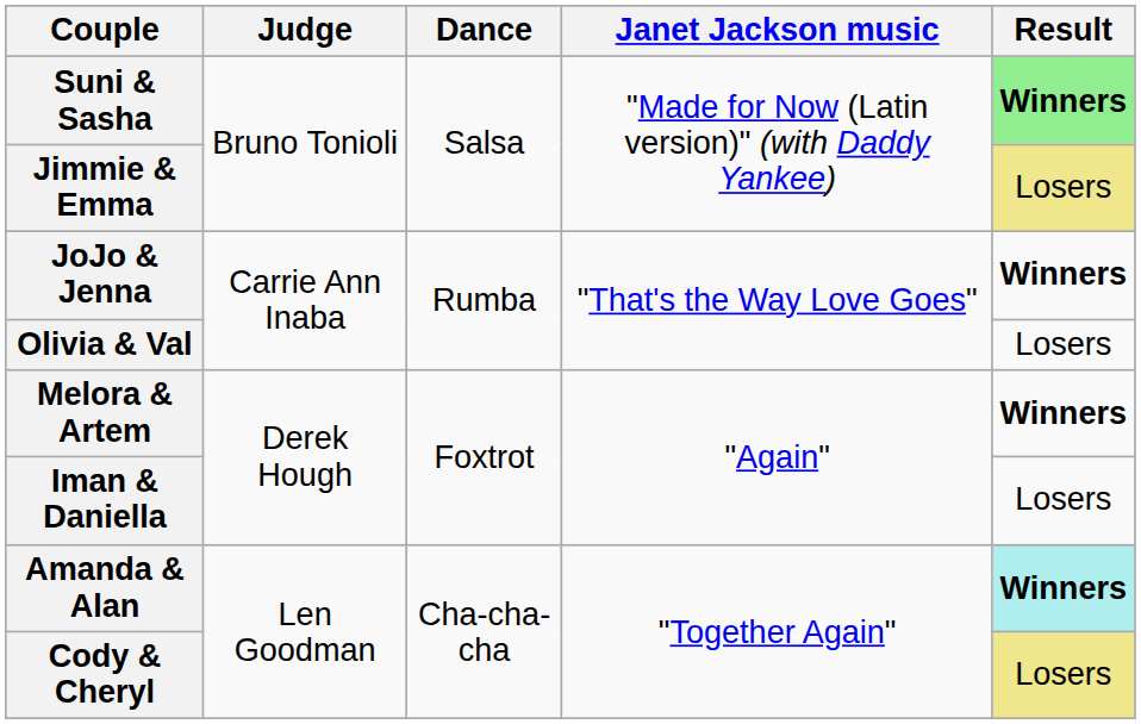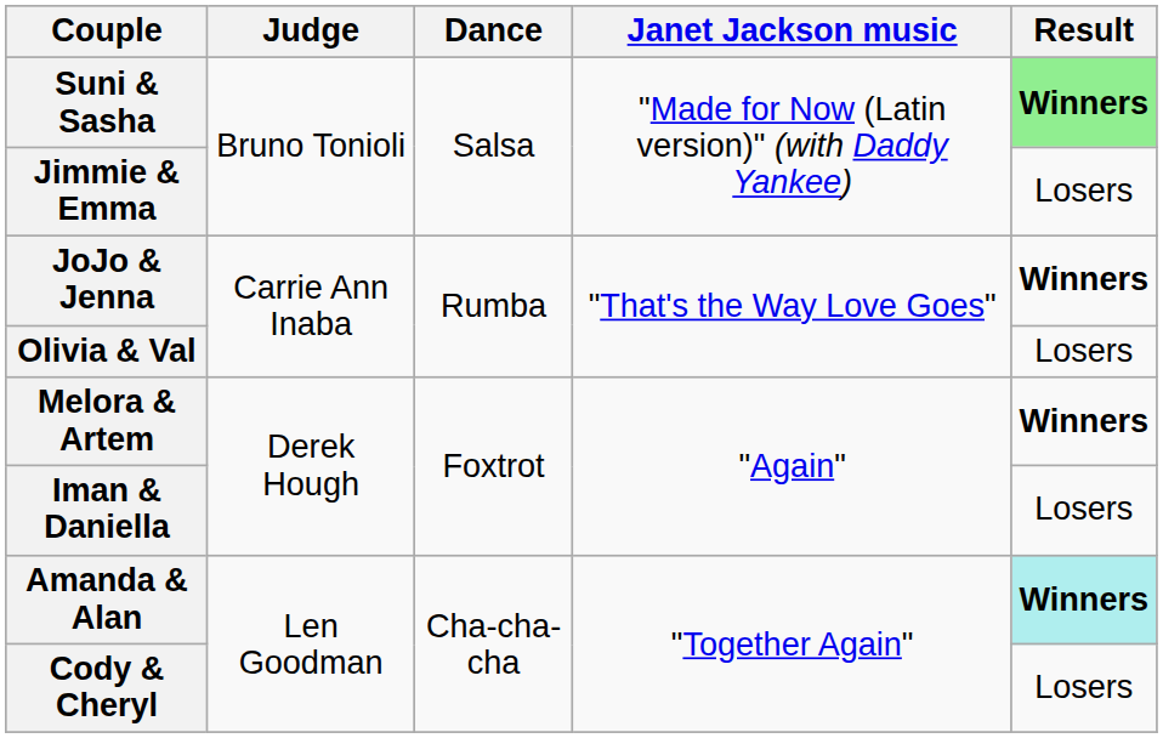 <table class="wikitable unsortable" style="text-align:center; width: 90%">
 <tr>
 <th scope="col">Couple</th>
 <th scope="col">Judge</th>
 <th scope="col">Dance</th>
 <th scope="col"><a href='#'>Janet Jackson music</a></th>
 <th scope="col">Result</th>
 </tr>
 <tr>
 <th scope="row">Suni & Sasha</th>
 <td rowspan="2">Bruno Tonioli</td>
 <td rowspan="2">Salsa</td>
 <td rowspan="2">"<a href='#'>Made for Now</a> (Latin version)" <em>(with <a href='#'>Daddy Yankee</a>)</em></td>
 <td style="background: lightgreen;"><strong>Winners</strong></td>
 </tr>
 <tr>
 <th scope="row">Jimmie & Emma</th>
-<td style="background: khaki;">Losers</td>
+<td>Losers</td>
 </tr>
 <tr>
 <th scope="row">JoJo & Jenna</th>
 <td rowspan=2>Carrie Ann Inaba</td>
 <td rowspan=2>Rumba</td>
 <td rowspan=2>"<a href='#'>That's the Way Love Goes</a>"</td>
 <td><strong>Winners</strong></td>
 </tr>
 <tr>
 <th scope="row">Olivia & Val</th>
 <td>Losers</td>
 </tr>
 <tr>
 <th scope="row">Melora & Artem</th>
 <td rowspan=2>Derek Hough</td>
 <td rowspan=2>Foxtrot</td>
 <td rowspan=2>"<a href='#'>Again</a>"</td>
 <td><strong>Winners</strong></td>
 </tr>
 <tr>
 <th scope="row">Iman & Daniella</th>
 <td>Losers</td>
 </tr>
 <tr>
 <th scope="row">Amanda & Alan</th>
 <td rowspan=2>Len Goodman</td>
 <td rowspan=2>Cha-cha-cha</td>
 <td rowspan=2>"<a href='#'>Together Again</a>"</td>
 <td style="background: paleturquoise;"><strong>Winners</strong></td>
 </tr>
 <tr>
 <th scope="row">Cody & Cheryl</th>
-<td style="background: khaki;">Losers</td>
+<td>Losers</td>
 </tr>
 </table>
